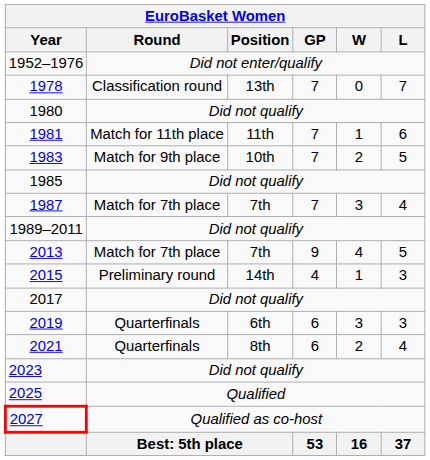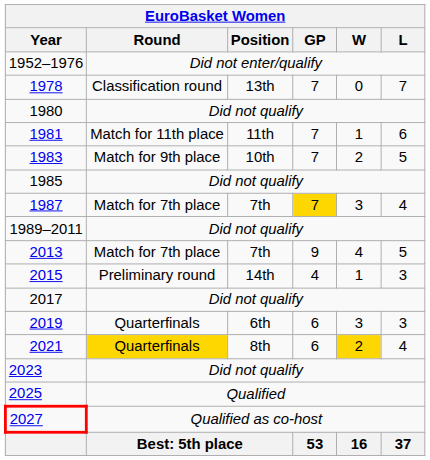 <table class="wikitable">
 <tr>
 <th colspan=10><a href='#'>EuroBasket Women</a></th>
 </tr>
 <tr>
 <th>Year</th>
 <th>Round</th>
 <th>Position</th>
 <th width=40>GP</th>
 <th width=40>W</th>
 <th width=40>L</th>
 </tr>
 <tr align=center>
 <td>1952–1976</td>
 <td colspan=5 align=center><em>Did not enter/qualify</em></td>
 </tr>
 <tr align=center>
 <td> <a href='#'>1978</a></td>
 <td>Classification round</td>
 <td>13th</td>
 <td>7</td>
 <td>0</td>
 <td>7</td>
 </tr>
 <tr align=center>
 <td>1980</td>
 <td colspan=5 align=center><em>Did not qualify</em></td>
 </tr>
 <tr align=center>
 <td> <a href='#'>1981</a></td>
 <td>Match for 11th place</td>
 <td>11th</td>
 <td>7</td>
 <td>1</td>
 <td>6</td>
 </tr>
 <tr align=center>
 <td> <a href='#'>1983</a></td>
 <td>Match for 9th place</td>
 <td>10th</td>
 <td>7</td>
 <td>2</td>
 <td>5</td>
 </tr>
 <tr align=center>
 <td>1985</td>
 <td colspan=5 align=center><em>Did not qualify</em></td>
 </tr>
 <tr align=center>
 <td> <a href='#'>1987</a></td>
 <td>Match for 7th place</td>
 <td>7th</td>
-<td>7</td>
+<td style="background: gold;">7</td>
 <td>3</td>
 <td>4</td>
 </tr>
 <tr align=center>
 <td>1989–2011</td>
 <td colspan=5 align=center><em>Did not qualify</em></td>
 </tr>
 <tr align=center>
 <td> <a href='#'>2013</a></td>
 <td>Match for 7th place</td>
 <td>7th</td>
 <td>9</td>
 <td>4</td>
 <td>5</td>
 </tr>
 <tr align=center>
 <td> <a href='#'>2015</a></td>
 <td>Preliminary round</td>
 <td>14th</td>
 <td>4</td>
 <td>1</td>
 <td>3</td>
 </tr>
 <tr align=center>
 <td>2017</td>
 <td colspan=5 align=center><em>Did not qualify</em></td>
 </tr>
 <tr align=center>
 <td> <a href='#'>2019</a></td>
 <td>Quarterfinals</td>
 <td>6th</td>
 <td>6</td>
 <td>3</td>
 <td>3</td>
 </tr>
 <tr align=center>
 <td> <a href='#'>2021</a></td>
-<td>Quarterfinals</td>
+<td style="background: gold;">Quarterfinals</td>
 <td>8th</td>
 <td>6</td>
-<td>2</td>
+<td style="background: gold;">2</td>
 <td>4</td>
 </tr>
 <tr>
 <td> <a href='#'>2023</a></td>
 <td colspan=5 align=center><em>Did not qualify</em></td>
 </tr>
 <tr>
 <td> <a href='#'>2025</a></td>
 <td colspan=5 align=center><em>Qualified</em></td>
 </tr>
 <tr>
 <td style="border: 3px solid red"> <a href='#'>2027</a></td>
 <td colspan=5 align=center><em>Qualified as co-host</em></td>
 </tr>
 <tr>
 <th></th>
 <th colspan=2>Best: 5th place</th>
 <th>53</th>
 <th>16</th>
 <th>37</th>
 </tr>
 </table>
